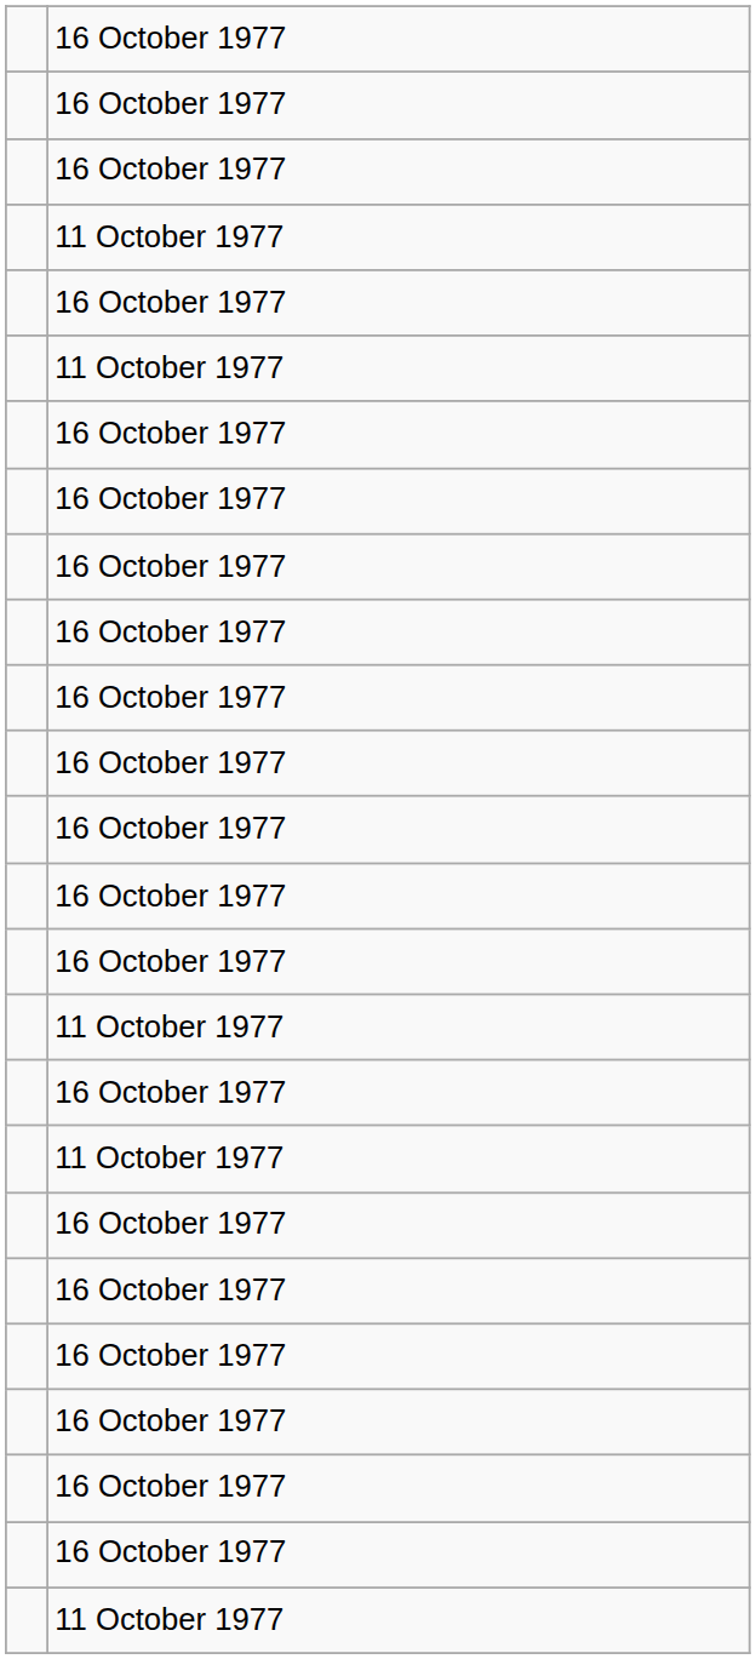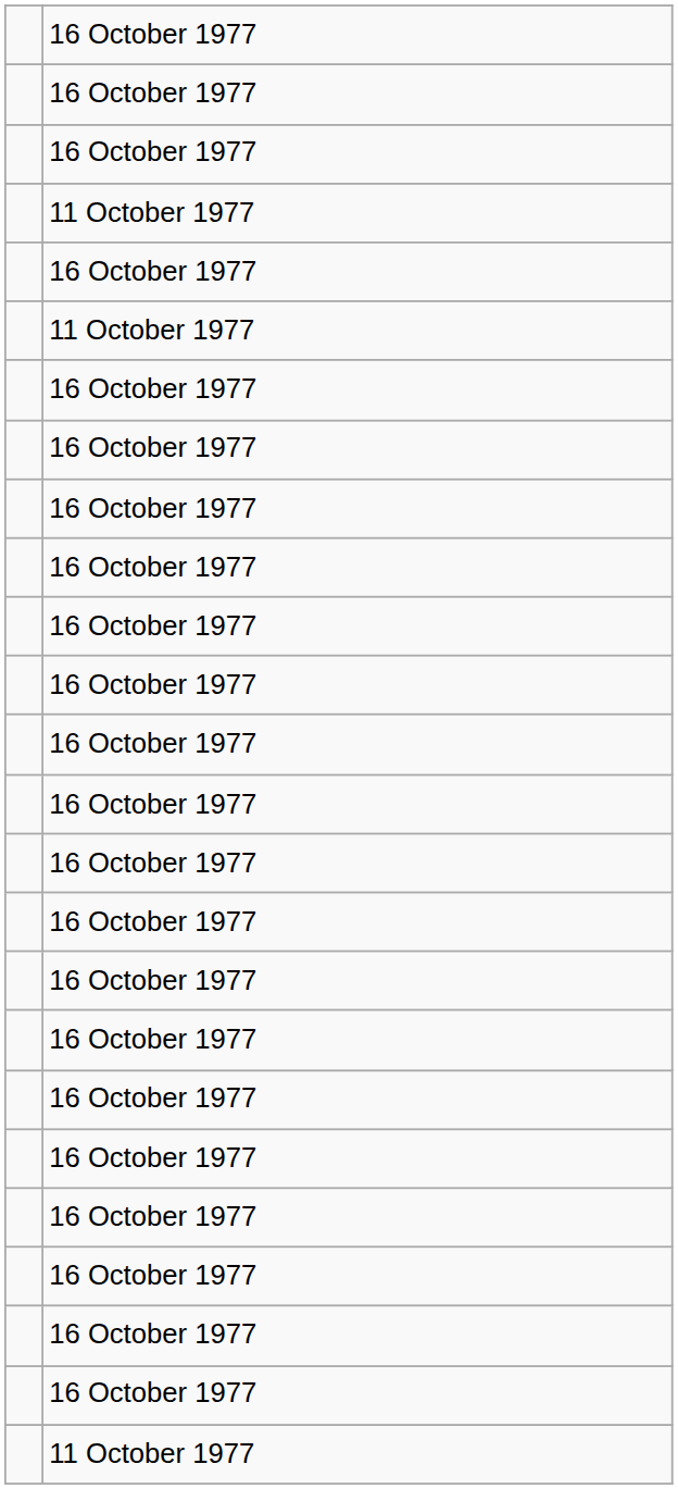 <table class="wikitable" style="font-size: 89%; float: left; width: 24em; margin-right: 1em; line-height: 1.65em">
 <tr>
 <td></td>
 <td>16 October 1977</td>
 </tr>
 <tr>
 <td></td>
 <td>16 October 1977</td>
 </tr>
 <tr>
 <td></td>
 <td>16 October 1977</td>
 </tr>
 <tr>
 <td></td>
 <td>11 October 1977</td>
 </tr>
 <tr>
 <td></td>
 <td>16 October 1977</td>
 </tr>
 <tr>
 <td></td>
 <td>11 October 1977</td>
 </tr>
 <tr>
 <td></td>
 <td>16 October 1977</td>
 </tr>
 <tr>
 <td></td>
 <td>16 October 1977</td>
 </tr>
 <tr>
 <td></td>
 <td>16 October 1977</td>
 </tr>
 <tr>
 <td></td>
 <td>16 October 1977</td>
 </tr>
 <tr>
 <td></td>
 <td>16 October 1977</td>
 </tr>
 <tr>
 <td></td>
 <td>16 October 1977</td>
 </tr>
 <tr>
 <td></td>
 <td>16 October 1977</td>
 </tr>
 <tr>
 <td></td>
 <td>16 October 1977</td>
 </tr>
 <tr>
 <td></td>
 <td>16 October 1977</td>
 </tr>
 <tr>
 <td></td>
-<td>11 October 1977</td>
+<td>16 October 1977</td>
 </tr>
 <tr>
 <td></td>
 <td>16 October 1977</td>
 </tr>
 <tr>
 <td></td>
-<td>11 October 1977</td>
+<td>16 October 1977</td>
 </tr>
 <tr>
 <td></td>
 <td>16 October 1977</td>
 </tr>
 <tr>
 <td></td>
 <td>16 October 1977</td>
 </tr>
 <tr>
 <td></td>
 <td>16 October 1977</td>
 </tr>
 <tr>
 <td></td>
 <td>16 October 1977</td>
 </tr>
 <tr>
 <td></td>
 <td>16 October 1977</td>
 </tr>
 <tr>
 <td></td>
 <td>16 October 1977</td>
 </tr>
 <tr>
 <td></td>
 <td>11 October 1977</td>
 </tr>
 </table>
